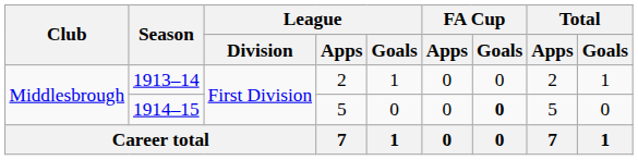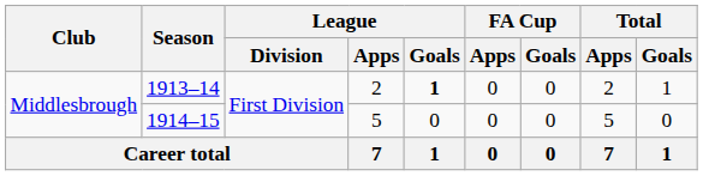 <table class="wikitable" style="text-align: center;">
 <tr>
 <th rowspan="2">Club</th>
 <th rowspan="2">Season</th>
 <th colspan="3">League</th>
 <th colspan="2">FA Cup</th>
 <th colspan="2">Total</th>
 </tr>
 <tr>
 <th>Division</th>
 <th>Apps</th>
 <th>Goals</th>
 <th>Apps</th>
 <th>Goals</th>
 <th>Apps</th>
 <th>Goals</th>
 </tr>
 <tr>
 <td rowspan="2"><a href='#'>Middlesbrough</a></td>
 <td><a href='#'>1913–14</a></td>
 <td rowspan="2"><a href='#'>First Division</a></td>
 <td>2</td>
-<td>1</td>
+<td><strong>1</strong></td>
 <td>0</td>
 <td>0</td>
 <td>2</td>
 <td>1</td>
 </tr>
 <tr>
 <td><a href='#'>1914–15</a></td>
 <td>5</td>
 <td>0</td>
 <td>0</td>
-<td><strong>0</strong></td>
+<td>0</td>
 <td>5</td>
 <td>0</td>
 </tr>
 <tr>
 <th colspan="3">Career total</th>
 <th>7</th>
 <th>1</th>
 <th>0</th>
 <th>0</th>
 <th>7</th>
 <th>1</th>
 </tr>
 </table>
